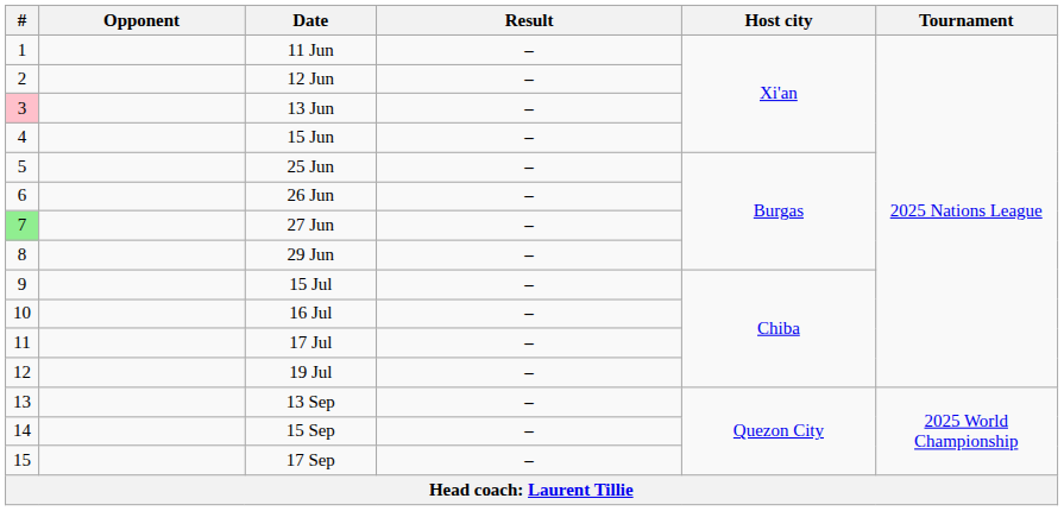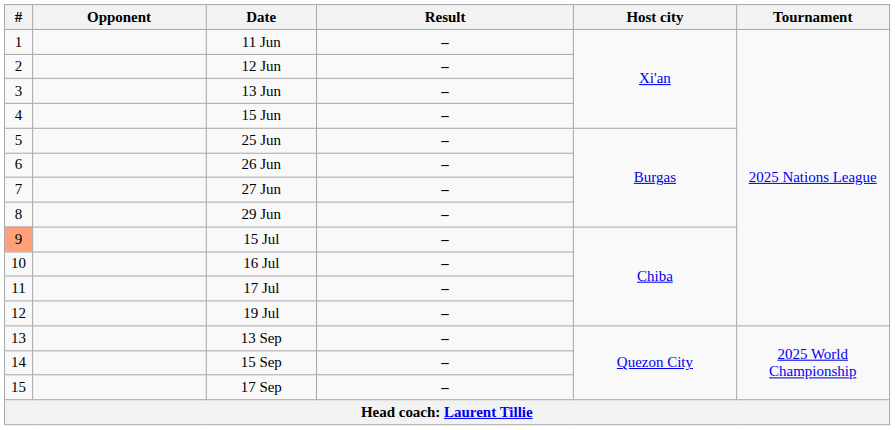 <table class="wikitable" style="text-align: center;font-size:90%;">
 <tr>
 <th width=20>#</th>
 <th width=160>Opponent</th>
 <th width=100>Date</th>
 <th width=240>Result</th>
 <th width=150>Host city</th>
 <th width=140>Tournament</th>
 </tr>
 <tr>
 <td>1</td>
 <td align=left></td>
 <td>11 Jun</td>
 <td bgcolor=><strong>–</strong></td>
 <td rowspan=4> <a href='#'>Xi'an</a></td>
 <td rowspan=12><a href='#'>2025 Nations League</a></td>
 </tr>
 <tr>
 <td>2</td>
 <td align=left></td>
 <td>12 Jun</td>
 <td bgcolor=><strong>–</strong></td>
 </tr>
 <tr>
-<td style="background: pink;">3</td>
+<td>3</td>
 <td align=left></td>
 <td>13 Jun</td>
 <td bgcolor=><strong>–</strong></td>
 </tr>
 <tr>
 <td>4</td>
 <td align=left></td>
 <td>15 Jun</td>
 <td bgcolor=><strong>–</strong></td>
 </tr>
 <tr>
 <td>5</td>
 <td align=left></td>
 <td>25 Jun</td>
 <td bgcolor=><strong>–</strong></td>
 <td rowspan=4> <a href='#'>Burgas</a></td>
 </tr>
 <tr>
 <td>6</td>
 <td align=left></td>
 <td>26 Jun</td>
 <td bgcolor=><strong>–</strong></td>
 </tr>
 <tr>
-<td style="background: lightgreen;">7</td>
+<td>7</td>
 <td align=left></td>
 <td>27 Jun</td>
 <td bgcolor=><strong>–</strong></td>
 </tr>
 <tr>
 <td>8</td>
 <td align=left></td>
 <td>29 Jun</td>
 <td bgcolor=><strong>–</strong></td>
 </tr>
 <tr>
-<td>9</td>
+<td style="background: lightsalmon;">9</td>
 <td align=left></td>
 <td>15 Jul</td>
 <td bgcolor=><strong>–</strong></td>
 <td rowspan=4> <a href='#'>Chiba</a></td>
 </tr>
 <tr>
 <td>10</td>
 <td align=left></td>
 <td>16 Jul</td>
 <td bgcolor=><strong>–</strong></td>
 </tr>
 <tr>
 <td>11</td>
 <td align=left></td>
 <td>17 Jul</td>
 <td bgcolor=><strong>–</strong></td>
 </tr>
 <tr>
 <td>12</td>
 <td align=left></td>
 <td>19 Jul</td>
 <td bgcolor=><strong>–</strong></td>
 </tr>
 <tr>
 <td>13</td>
 <td align=left></td>
 <td>13 Sep</td>
 <td bgcolor=><strong>–</strong></td>
 <td rowspan=3> <a href='#'>Quezon City</a></td>
 <td rowspan=3><a href='#'>2025 World Championship</a></td>
 </tr>
 <tr>
 <td>14</td>
 <td align=left></td>
 <td>15 Sep</td>
 <td bgcolor=><strong>–</strong></td>
 </tr>
 <tr>
 <td>15</td>
 <td align=left></td>
 <td>17 Sep</td>
 <td bgcolor=><strong>–</strong></td>
 </tr>
 <tr>
 <th colspan=6>Head coach:  <a href='#'>Laurent Tillie</a></th>
 </tr>
 </table>
